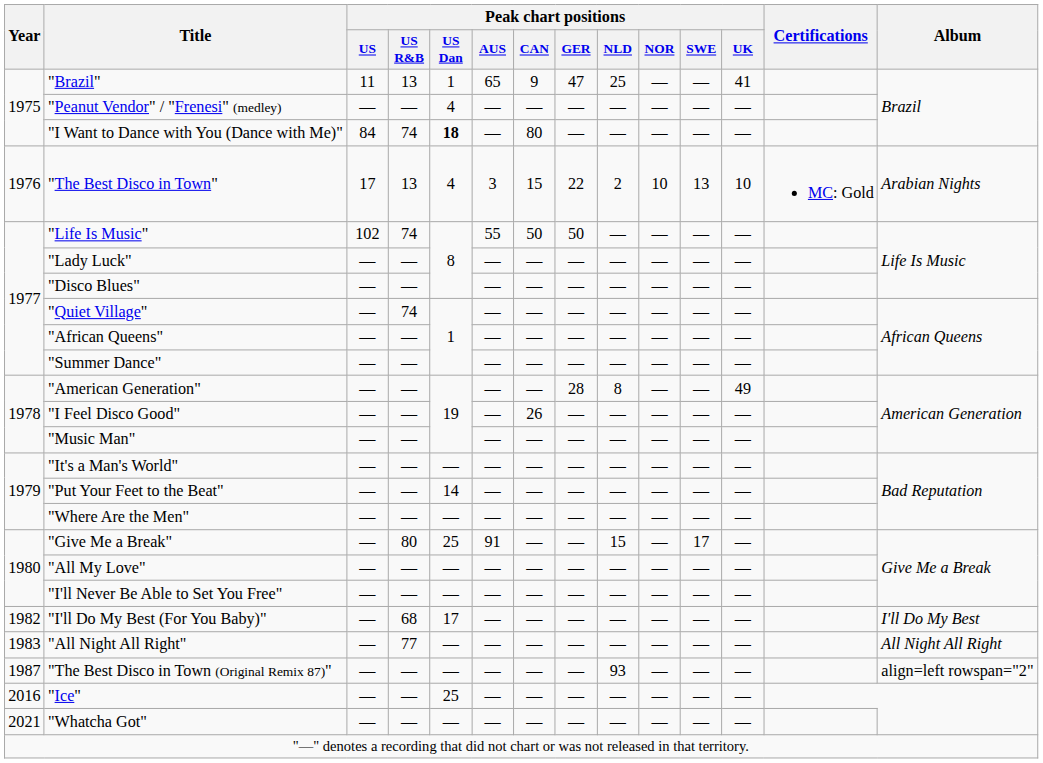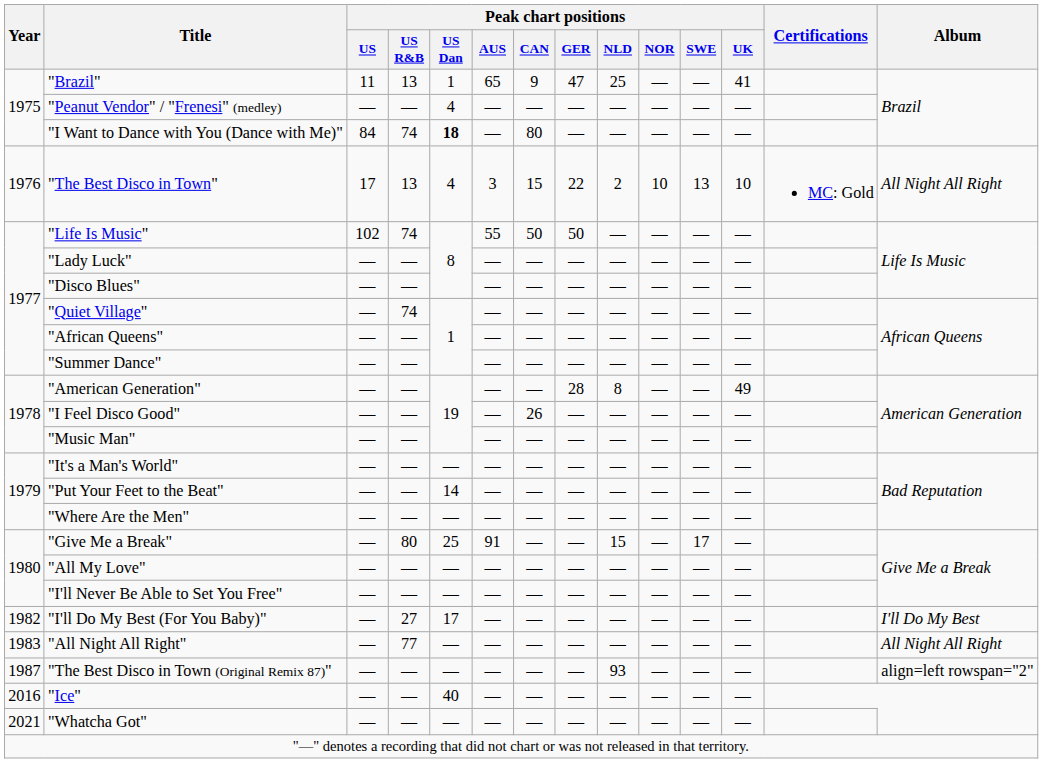 <table class="wikitable" style="text-align:center;">
 <tr>
 <th rowspan="2">Year</th>
 <th rowspan="2">Title</th>
 <th colspan="10">Peak chart positions</th>
 <th rowspan="2"><a href='#'>Certifications</a></th>
 <th rowspan="2">Album</th>
 </tr>
 <tr style="font-size:smaller;">
 <th width="35"><a href='#'>US</a><br></th>
 <th width="35"><a href='#'>US<br>R&B</a><br></th>
 <th width="35"><a href='#'>US<br>Dan</a><br></th>
 <th width="35"><a href='#'>AUS</a><br></th>
 <th width="35"><a href='#'>CAN</a><br></th>
 <th width="35"><a href='#'>GER</a><br></th>
 <th width="35"><a href='#'>NLD</a><br></th>
 <th width="35"><a href='#'>NOR</a><br></th>
 <th width="35"><a href='#'>SWE</a><br></th>
 <th width="35"><a href='#'>UK</a><br></th>
 </tr>
 <tr>
 <td rowspan="3">1975</td>
 <td align="left">"<a href='#'>Brazil</a>"</td>
 <td>11</td>
 <td>13</td>
 <td>1</td>
 <td>65</td>
 <td>9</td>
 <td>47</td>
 <td>25</td>
 <td>—</td>
 <td>—</td>
 <td>41</td>
 <td align="left"></td>
 <td align="left" rowspan="3"><em>Brazil</em></td>
 </tr>
 <tr>
 <td align="left">"<a href='#'>Peanut Vendor</a>" / "<a href='#'>Frenesi</a>" <small>(medley)</small></td>
 <td>—</td>
 <td>—</td>
 <td>4</td>
 <td>—</td>
 <td>—</td>
 <td>—</td>
 <td>—</td>
 <td>—</td>
 <td>—</td>
 <td>—</td>
 <td align="left"></td>
 </tr>
 <tr>
 <td align="left">"I Want to Dance with You (Dance with Me)"</td>
 <td>84</td>
 <td>74</td>
 <td><strong>18</strong></td>
 <td>—</td>
 <td>80</td>
 <td>—</td>
 <td>—</td>
 <td>—</td>
 <td>—</td>
 <td>—</td>
 <td align="left"></td>
 </tr>
 <tr>
 <td rowspan="1">1976</td>
 <td align="left">"<a href='#'>The Best Disco in Town</a>" </td>
 <td>17</td>
 <td>13</td>
 <td>4</td>
 <td>3</td>
 <td>15</td>
 <td>22</td>
 <td>2</td>
 <td>10</td>
 <td>13</td>
 <td>10</td>
 <td align="left"><br><ul><li><a href='#'>MC</a>: Gold</li></ul></td>
-<td align="left" rowspan="1"><em>Arabian Nights</em></td>
+<td align="left" rowspan="1"><em>All Night All Right</em></td>
 </tr>
 <tr>
 <td rowspan="6">1977</td>
 <td align="left">"<a href='#'>Life Is Music</a>"</td>
 <td>102</td>
 <td>74</td>
 <td rowspan="3">8</td>
 <td>55</td>
 <td>50</td>
 <td>50</td>
 <td>—</td>
 <td>—</td>
 <td>—</td>
 <td>—</td>
 <td align="left"></td>
 <td align="left" rowspan="3"><em>Life Is Music</em></td>
 </tr>
 <tr>
 <td align="left">"Lady Luck"</td>
 <td>—</td>
 <td>—</td>
 <td>—</td>
 <td>—</td>
 <td>—</td>
 <td>—</td>
 <td>—</td>
 <td>—</td>
 <td>—</td>
 <td align="left"></td>
 </tr>
 <tr>
 <td align="left">"Disco Blues"</td>
 <td>—</td>
 <td>—</td>
 <td>—</td>
 <td>—</td>
 <td>—</td>
 <td>—</td>
 <td>—</td>
 <td>—</td>
 <td>—</td>
 <td align="left"></td>
 </tr>
 <tr>
 <td align="left">"<a href='#'>Quiet Village</a>"</td>
 <td>—</td>
 <td>74</td>
 <td rowspan="3">1</td>
 <td>—</td>
 <td>—</td>
 <td>—</td>
 <td>—</td>
 <td>—</td>
 <td>—</td>
 <td>—</td>
 <td align="left"></td>
 <td align="left" rowspan="3"><em>African Queens</em></td>
 </tr>
 <tr>
 <td align="left">"African Queens"</td>
 <td>—</td>
 <td>—</td>
 <td>—</td>
 <td>—</td>
 <td>—</td>
 <td>—</td>
 <td>—</td>
 <td>—</td>
 <td>—</td>
 <td align="left"></td>
 </tr>
 <tr>
 <td align="left">"Summer Dance"</td>
 <td>—</td>
 <td>—</td>
 <td>—</td>
 <td>—</td>
 <td>—</td>
 <td>—</td>
 <td>—</td>
 <td>—</td>
 <td>—</td>
 <td align="left"></td>
 </tr>
 <tr>
 <td rowspan="3">1978</td>
 <td align="left">"American Generation"</td>
 <td>—</td>
 <td>—</td>
 <td rowspan="3">19</td>
 <td>—</td>
 <td>—</td>
 <td>28</td>
 <td>8</td>
 <td>—</td>
 <td>—</td>
 <td>49</td>
 <td align="left"></td>
 <td align="left" rowspan="3"><em>American Generation</em></td>
 </tr>
 <tr>
 <td align="left">"I Feel Disco Good"</td>
 <td>—</td>
 <td>—</td>
 <td>—</td>
 <td>26</td>
 <td>—</td>
 <td>—</td>
 <td>—</td>
 <td>—</td>
 <td>—</td>
 <td align="left"></td>
 </tr>
 <tr>
 <td align="left">"Music Man"</td>
 <td>—</td>
 <td>—</td>
 <td>—</td>
 <td>—</td>
 <td>—</td>
 <td>—</td>
 <td>—</td>
 <td>—</td>
 <td>—</td>
 <td align="left"></td>
 </tr>
 <tr>
 <td rowspan="3">1979</td>
 <td align="left">"It's a Man's World"</td>
 <td>—</td>
 <td>—</td>
 <td>—</td>
 <td>—</td>
 <td>—</td>
 <td>—</td>
 <td>—</td>
 <td>—</td>
 <td>—</td>
 <td>—</td>
 <td align="left"></td>
 <td align="left" rowspan="3"><em>Bad Reputation</em></td>
 </tr>
 <tr>
 <td align="left">"Put Your Feet to the Beat"</td>
 <td>—</td>
 <td>—</td>
 <td>14</td>
 <td>—</td>
 <td>—</td>
 <td>—</td>
 <td>—</td>
 <td>—</td>
 <td>—</td>
 <td>—</td>
 <td align="left"></td>
 </tr>
 <tr>
 <td align="left">"Where Are the Men"</td>
 <td>—</td>
 <td>—</td>
 <td>—</td>
 <td>—</td>
 <td>—</td>
 <td>—</td>
 <td>—</td>
 <td>—</td>
 <td>—</td>
 <td>—</td>
 <td align="left"></td>
 </tr>
 <tr>
 <td rowspan="3">1980</td>
 <td align="left">"Give Me a Break"</td>
 <td>—</td>
 <td>80</td>
 <td>25</td>
 <td>91</td>
 <td>—</td>
 <td>—</td>
 <td>15</td>
 <td>—</td>
 <td>17</td>
 <td>—</td>
 <td align="left"></td>
 <td align="left" rowspan="3"><em>Give Me a Break</em></td>
 </tr>
 <tr>
 <td align="left">"All My Love"</td>
 <td>—</td>
 <td>—</td>
 <td>—</td>
 <td>—</td>
 <td>—</td>
 <td>—</td>
 <td>—</td>
 <td>—</td>
 <td>—</td>
 <td>—</td>
 <td align="left"></td>
 </tr>
 <tr>
 <td align="left">"I'll Never Be Able to Set You Free"</td>
 <td>—</td>
 <td>—</td>
 <td>—</td>
 <td>—</td>
 <td>—</td>
 <td>—</td>
 <td>—</td>
 <td>—</td>
 <td>—</td>
 <td>—</td>
 <td align="left"></td>
 </tr>
 <tr>
 <td rowspan="1">1982</td>
 <td align="left">"I'll Do My Best (For You Baby)"</td>
 <td>—</td>
-<td>68</td>
+<td>27</td>
 <td>17</td>
 <td>—</td>
 <td>—</td>
 <td>—</td>
 <td>—</td>
 <td>—</td>
 <td>—</td>
 <td>—</td>
 <td align="left"></td>
 <td align="left" rowspan="1"><em>I'll Do My Best</em></td>
 </tr>
 <tr>
 <td rowspan="1">1983</td>
 <td align="left">"All Night All Right"</td>
 <td>—</td>
 <td>77</td>
 <td>—</td>
 <td>—</td>
 <td>—</td>
 <td>—</td>
 <td>—</td>
 <td>—</td>
 <td>—</td>
 <td>—</td>
 <td align="left"></td>
 <td align="left" rowspan="1"><em>All Night All Right</em></td>
 </tr>
 <tr>
 <td rowspan="1">1987</td>
 <td align="left">"The Best Disco in Town <small>(Original Remix 87)</small>"</td>
 <td>—</td>
 <td>—</td>
 <td>—</td>
 <td>—</td>
 <td>—</td>
 <td>—</td>
 <td>93</td>
 <td>—</td>
 <td>—</td>
 <td>—</td>
 <td align="left"></td>
 <td>align=left rowspan="2" </td>
 </tr>
 <tr>
 <td rowspan="1">2016</td>
 <td align="left">"<a href='#'>Ice</a>"</td>
 <td>—</td>
 <td>—</td>
-<td>25</td>
+<td>40</td>
 <td>—</td>
 <td>—</td>
 <td>—</td>
 <td>—</td>
 <td>—</td>
 <td>—</td>
 <td>—</td>
 </tr>
 <tr>
 <td rowspan="1">2021</td>
 <td align="left">"Whatcha Got"</td>
 <td>—</td>
 <td>—</td>
 <td>—</td>
 <td>—</td>
 <td>—</td>
 <td>—</td>
 <td>—</td>
 <td>—</td>
 <td>—</td>
 <td>—</td>
 <td align="left"></td>
 </tr>
 <tr>
 <td colspan="15" style="font-size:90%">"—" denotes a recording that did not chart or was not released in that territory.</td>
 </tr>
 </table>
